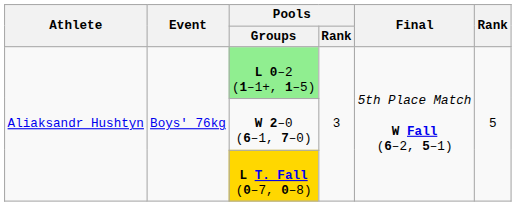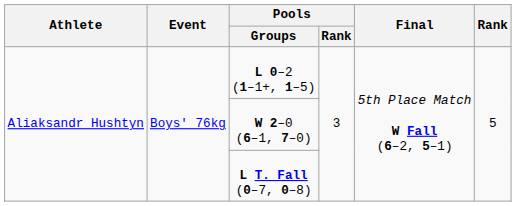 <table class="wikitable" style="text-align:left; font-size:90%">
 <tr>
 <th rowspan="2">Athlete</th>
 <th rowspan="2">Event</th>
 <th colspan="2">Pools</th>
 <th rowspan="2">Final</th>
 <th rowspan="2">Rank</th>
 </tr>
 <tr>
 <th>Groups</th>
 <th>Rank</th>
 </tr>
 <tr>
 <td rowspan="3"><a href='#'>Aliaksandr Hushtyn</a></td>
 <td rowspan="3"><a href='#'>Boys' 76kg</a></td>
-<td align=center style="background: lightgreen;"><br><strong>L</strong> <strong>0</strong>–2<br>(<strong>1</strong>–1+, <strong>1</strong>–5)</td>
+<td align=center><br><strong>L</strong> <strong>0</strong>–2<br>(<strong>1</strong>–1+, <strong>1</strong>–5)</td>
 <td rowspan="3" align=center>3</td>
 <td align=center rowspan=3><em>5th Place Match</em><br><br><strong>W</strong> <strong><a href='#'>Fall</a></strong><br>(<strong>6</strong>–2, <strong>5</strong>–1)</td>
 <td rowspan="3" align="center">5</td>
 </tr>
 <tr>
 <td align=center><br><strong>W</strong> <strong>2</strong>–0<br>(<strong>6</strong>–1, <strong>7</strong>–0)</td>
 </tr>
 <tr>
-<td align=center style="background: gold;"><br><strong>L</strong> <strong><a href='#'>T. Fall</a></strong><br>(<strong>0</strong>–7, <strong>0</strong>–8)</td>
+<td align=center><br><strong>L</strong> <strong><a href='#'>T. Fall</a></strong><br>(<strong>0</strong>–7, <strong>0</strong>–8)</td>
 </tr>
 </table>
